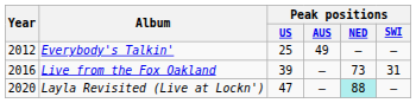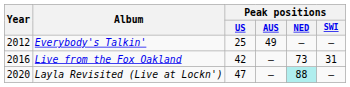 <table class="wikitable">
 <tr>
 <th rowspan="2" style="text-align:center;">Year</th>
 <th rowspan="2" style="text-align:center;">Album</th>
 <th colspan="4" style="text-align:center; width:20px;">Peak positions</th>
 </tr>
 <tr>
 <th scope="col" style="width:3em;font-size:90%;"><a href='#'>US</a><br></th>
 <th scope="col" style="width:3em;font-size:90%;"><a href='#'>AUS</a><br></th>
 <th scope="col" style="width:3em;font-size:90%;"><a href='#'>NED</a><br></th>
 <th scope="col" style="width:3em;font-size:85%;"><a href='#'>SWI</a><br></th>
 </tr>
 <tr>
 <td style="text-align:center;">2012</td>
 <td><em><a href='#'>Everybody's Talkin'</a></em></td>
 <td style="text-align:center;">25</td>
 <td style="text-align:center;">49</td>
 <td style="text-align:center;">—</td>
 <td style="text-align:center;">—</td>
 </tr>
 <tr>
 <td style="text-align:center;">2016</td>
 <td><em><a href='#'>Live from the Fox Oakland</a></em></td>
-<td style="text-align:center;">39</td>
+<td style="text-align:center;">42</td>
 <td style="text-align:center;">—</td>
 <td style="text-align:center;">73</td>
 <td style="text-align:center;">31</td>
 </tr>
 <tr>
 <td style="text-align:center;">2020</td>
 <td><em>Layla Revisited (Live at Lockn')</em></td>
 <td style="text-align:center;">47<br></td>
 <td style="text-align:center;">—</td>
 <td style="background: paleturquoise; text-align:center;">88</td>
 <td style="text-align:center;">—</td>
 </tr>
 </table>
